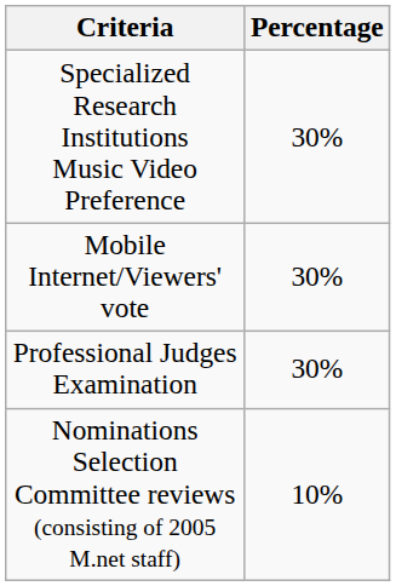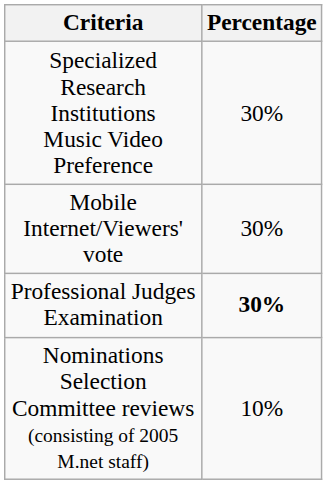 <table class="wikitable plainrowheaders" style="width:35%; text-align:center;">
 <tr>
 <th>Criteria</th>
 <th>Percentage</th>
 </tr>
 <tr>
 <td>Specialized Research Institutions <br> Music Video Preference</td>
 <td>30%</td>
 </tr>
 <tr>
 <td>Mobile Internet/Viewers' vote</td>
 <td>30%</td>
 </tr>
 <tr>
 <td>Professional Judges Examination</td>
-<td>30%</td>
+<td><strong>30%</strong></td>
 </tr>
 <tr>
 <td>Nominations Selection Committee reviews<br><small>(consisting of 2005 M.net staff)</small></td>
 <td>10%</td>
 </tr>
 </table>
